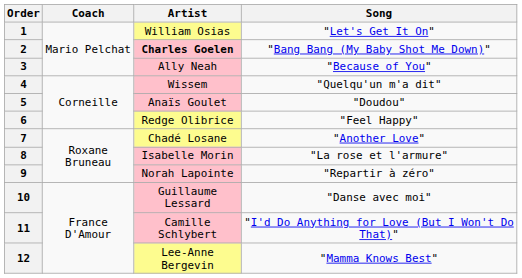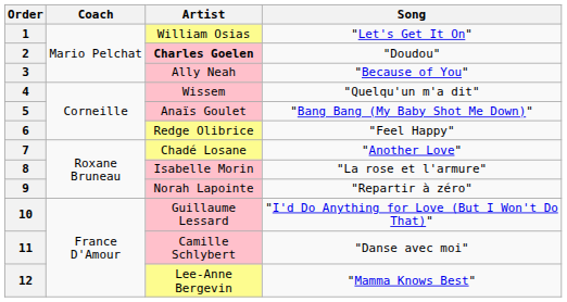 <table class="wikitable sortable" style="text-align: center; width: 40 %;">
 <tr>
 <th>Order</th>
 <th>Coach</th>
 <th>Artist</th>
 <th>Song</th>
 </tr>
 <tr>
 <th><strong>1</strong></th>
 <td rowspan="3">Mario Pelchat</td>
 <td style="background:#fdfc8f">William Osias</td>
 <td>"<a href='#'>Let's Get It On</a>"</td>
 </tr>
 <tr>
 <th><strong>2</strong></th>
 <td style="background:pink"><strong>Charles Goelen</strong></td>
-<td>"<a href='#'>Bang Bang (My Baby Shot Me Down)</a>"</td>
+<td>"Doudou"</td>
 </tr>
 <tr>
 <th><strong>3</strong></th>
 <td style="background:pink">Ally Neah</td>
 <td>"<a href='#'>Because of You</a>"</td>
 </tr>
 <tr>
 <th><strong>4</strong></th>
 <td rowspan="3">Corneille</td>
 <td style="background:pink">Wissem</td>
 <td>"Quelqu'un m'a dit"</td>
 </tr>
 <tr>
 <th><strong>5</strong></th>
 <td style="background:pink">Anaïs Goulet</td>
-<td>"Doudou"</td>
+<td>"<a href='#'>Bang Bang (My Baby Shot Me Down)</a>"</td>
 </tr>
 <tr>
 <th><strong>6</strong></th>
 <td style="background:#fdfc8f">Redge Olibrice</td>
 <td>"Feel Happy"</td>
 </tr>
 <tr>
 <th><strong>7</strong></th>
 <td rowspan="3">Roxane Bruneau</td>
 <td style="background:#fdfc8f">Chadé Losane</td>
 <td>"<a href='#'>Another Love</a>"</td>
 </tr>
 <tr>
 <th><strong>8</strong></th>
 <td style="background:pink">Isabelle Morin</td>
 <td>"La rose et l'armure"</td>
 </tr>
 <tr>
 <th><strong>9</strong></th>
 <td style="background:pink">Norah Lapointe</td>
 <td>"Repartir à zéro"</td>
 </tr>
 <tr>
 <th><strong>10</strong></th>
 <td rowspan="3">France D'Amour</td>
 <td style="background:pink">Guillaume Lessard</td>
-<td>"Danse avec moi"</td>
+<td>"<a href='#'>I'd Do Anything for Love (But I Won't Do That)</a>"</td>
 </tr>
 <tr>
 <th><strong>11</strong></th>
 <td style="background:pink">Camille Schlybert</td>
-<td>"<a href='#'>I'd Do Anything for Love (But I Won't Do That)</a>"</td>
+<td>"Danse avec moi"</td>
 </tr>
 <tr>
 <th><strong>12</strong></th>
 <td style="background:#fdfc8f">Lee-Anne Bergevin</td>
 <td>"<a href='#'>Mamma Knows Best</a>"</td>
 </tr>
 </table>
